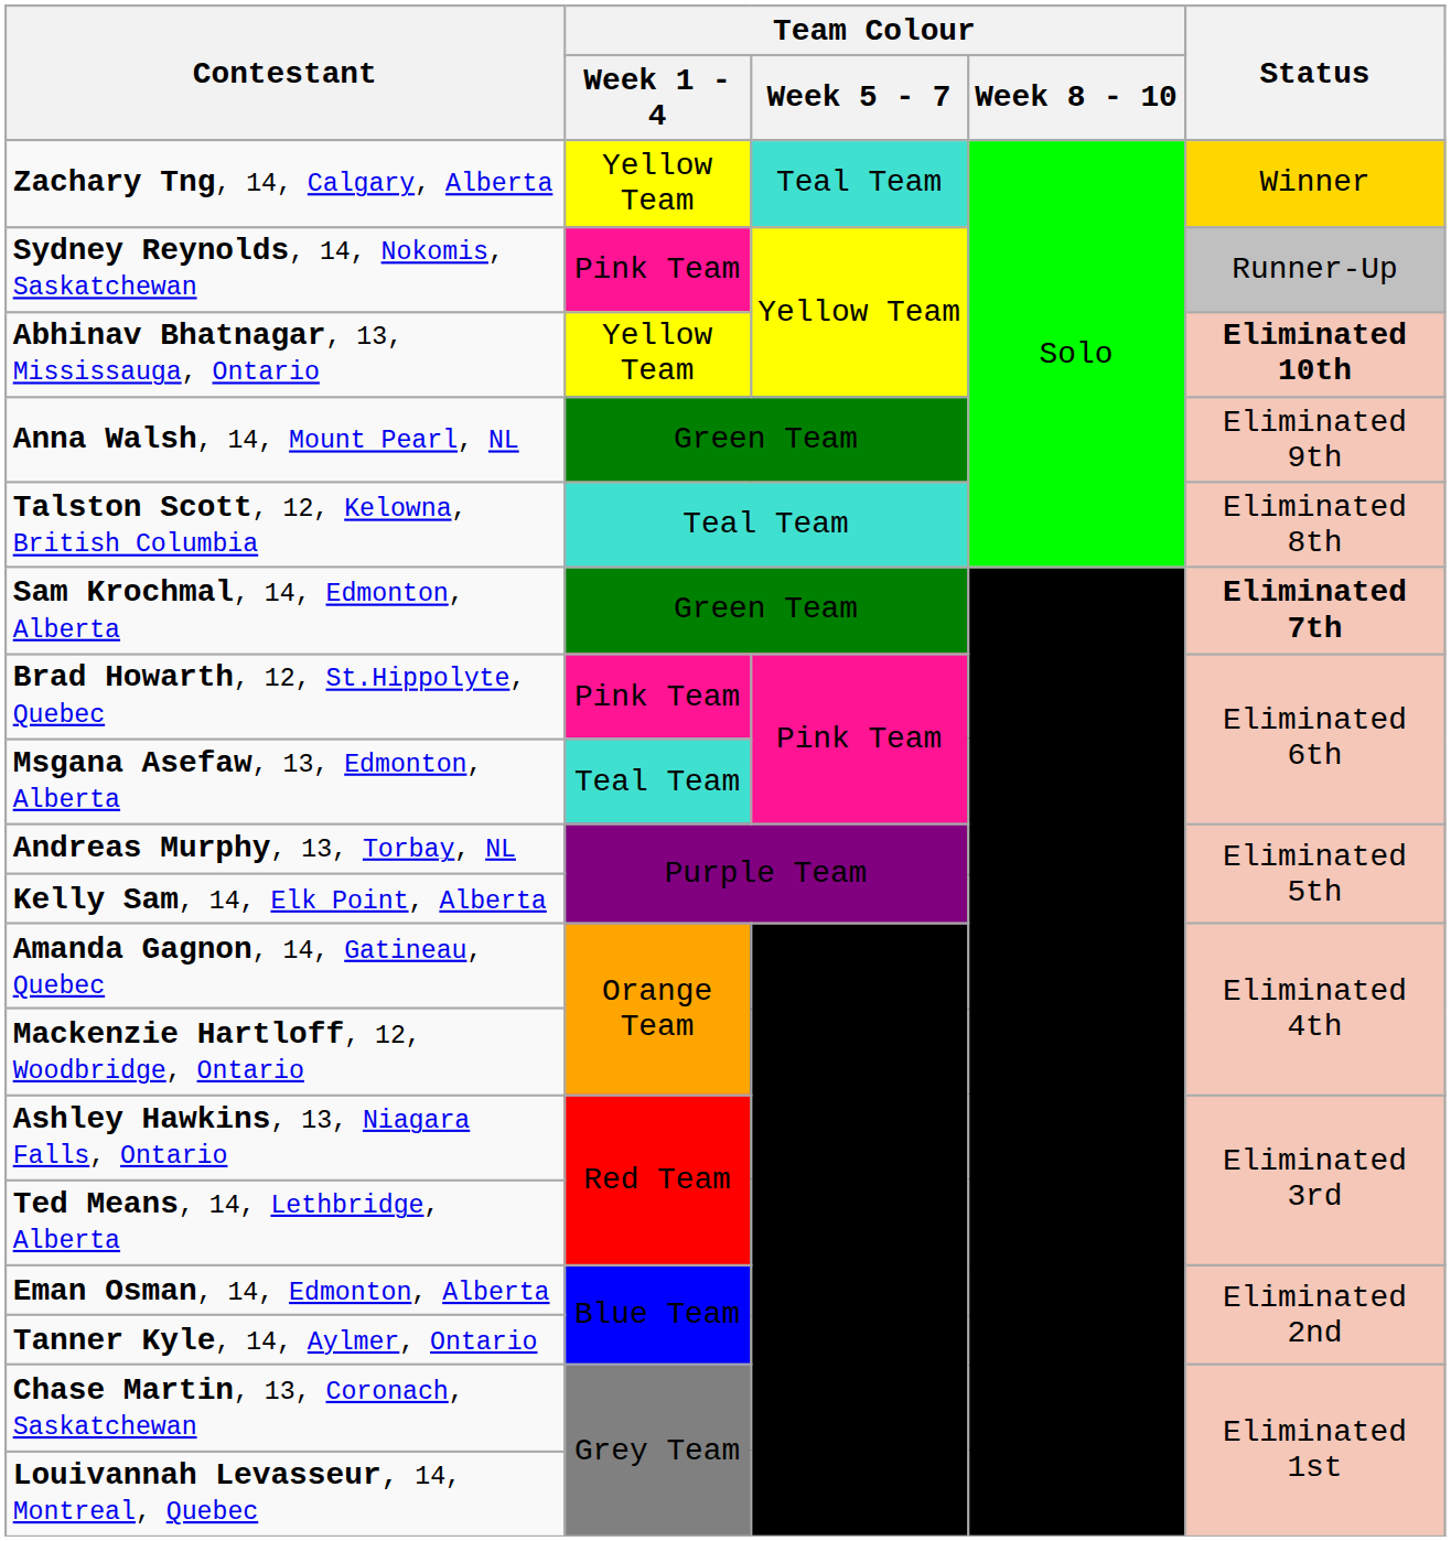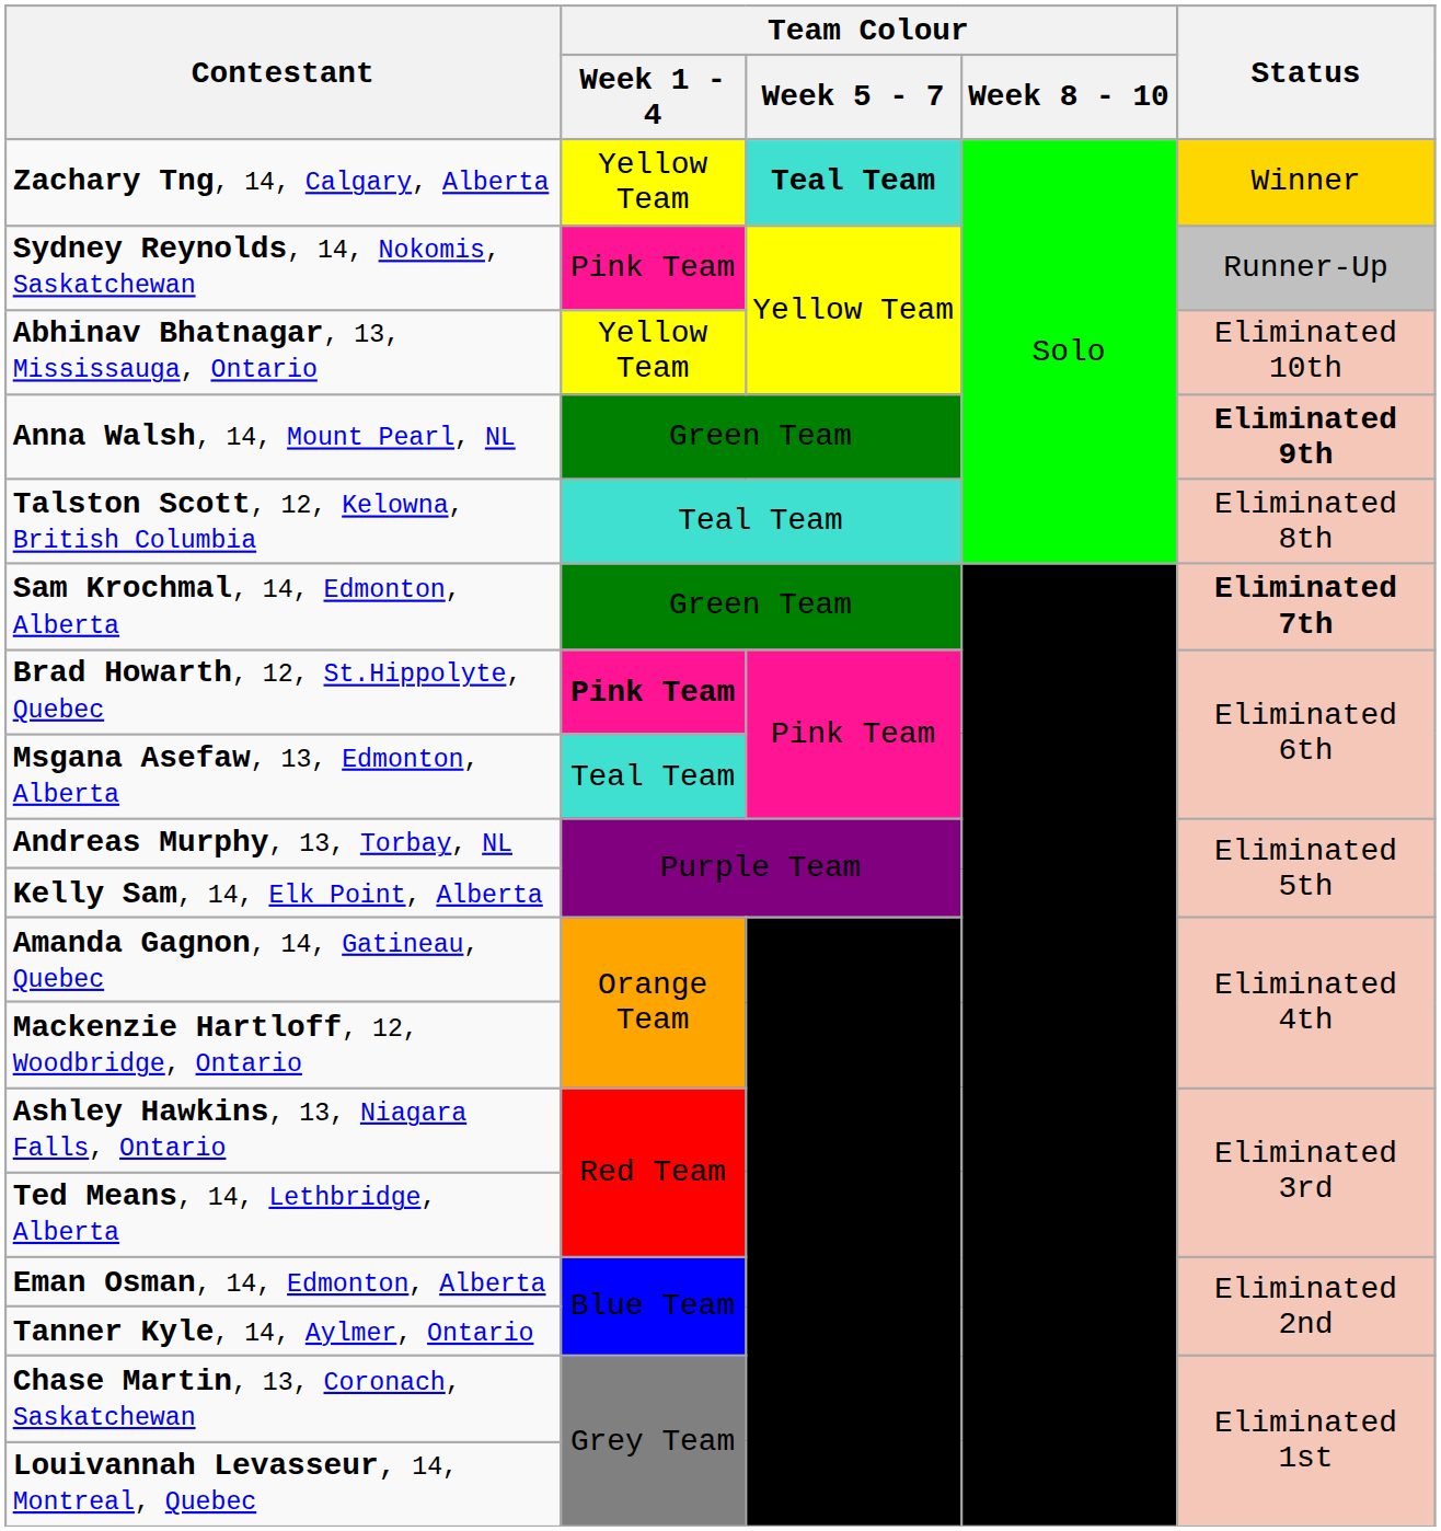 <table class="wikitable" align="center" style="text-align:center">
 <tr>
 <th rowspan=2>Contestant</th>
 <th colspan=3>Team Colour</th>
 <th rowspan=2>Status</th>
 </tr>
 <tr>
 <th>Week 1 - 4</th>
 <th>Week 5 - 7</th>
 <th>Week 8 - 10</th>
 </tr>
 <tr>
 <td align="left"><strong>Zachary Tng</strong><small>, 14, <a href='#'>Calgary</a>, <a href='#'>Alberta</a></small></td>
 <td bgcolor="yellow" rowspan=1><span>Yellow Team</span></td>
-<td bgcolor="turquoise" rowspan=1><span>Teal Team</span></td>
+<td bgcolor="turquoise" rowspan=1><strong><span>Teal Team</span></strong></td>
 <td bgcolor="lime" rowspan=5><span>Solo</span></td>
 <td bgcolor="gold">Winner<br></td>
 </tr>
 <tr>
 <td align="left"><strong>Sydney Reynolds</strong><small>, 14, <a href='#'>Nokomis</a>, <a href='#'>Saskatchewan</a></small></td>
 <td bgcolor="deeppink" rowspan=1><span>Pink Team</span></td>
 <td bgcolor="yellow" rowspan=2><span>Yellow Team</span></td>
 <td bgcolor="silver">Runner-Up <br></td>
 </tr>
 <tr>
 <td align="left"><strong>Abhinav Bhatnagar</strong><small>, 13, <a href='#'>Mississauga</a>, <a href='#'>Ontario</a></small></td>
 <td bgcolor="yellow" rowspan=1><span>Yellow Team</span></td>
-<td bgcolor="#F4C7B8" rowspan=1><strong>Eliminated 10th <br></strong></td>
+<td bgcolor="#F4C7B8" rowspan=1>Eliminated 10th <br></td>
 </tr>
 <tr>
 <td align="left"><strong>Anna Walsh</strong><small>, 14, <a href='#'>Mount Pearl</a>, <a href='#'>NL</a></small></td>
 <td colspan=2 bgcolor="green" rowspan=1><span>Green Team</span></td>
-<td bgcolor="#F4C7B8" rowspan=1>Eliminated 9th <br></td>
+<td bgcolor="#F4C7B8" rowspan=1><strong>Eliminated 9th <br></strong></td>
 </tr>
 <tr>
 <td align="left"><strong>Talston Scott</strong><small>, 12, <a href='#'>Kelowna</a>, <a href='#'>British Columbia</a></small></td>
 <td colspan=2 bgcolor="turquoise" rowspan=1><span>Teal Team</span></td>
 <td bgcolor="#F4C7B8" rowspan=1>Eliminated 8th <br></td>
 </tr>
 <tr>
 <td align="left"><strong>Sam Krochmal</strong><small>, 14, <a href='#'>Edmonton</a>, <a href='#'>Alberta</a></small></td>
 <td colspan=2 bgcolor="green" rowspan=1><span>Green Team</span></td>
 <td bgcolor="black" rowspan=13><span>Not In <br>Competition</span></td>
 <td bgcolor="#F4C7B8" rowspan=1><strong>Eliminated 7th <br></strong></td>
 </tr>
 <tr>
 <td align="left"><strong>Brad Howarth</strong><small>, 12, <a href='#'>St.Hippolyte</a>, <a href='#'>Quebec</a></small></td>
-<td bgcolor="deeppink" rowspan=1><span>Pink Team</span></td>
+<td bgcolor="deeppink" rowspan=1><strong><span>Pink Team</span></strong></td>
 <td bgcolor="deeppink" rowspan=2><span>Pink Team</span></td>
 <td bgcolor="#F4C7B8" rowspan=2>Eliminated 6th <br></td>
 </tr>
 <tr>
 <td align="left"><strong>Msgana Asefaw</strong><small>, 13, <a href='#'>Edmonton</a>, <a href='#'>Alberta</a></small></td>
 <td bgcolor="turquoise" rowspan=1><span>Teal Team</span></td>
 </tr>
 <tr>
 <td align="left"><strong>Andreas Murphy</strong><small>, 13, <a href='#'>Torbay</a>, <a href='#'>NL</a></small></td>
 <td colspan=2 bgcolor="purple" rowspan=2><span> Purple Team</span></td>
 <td bgcolor="#F4C7B8" rowspan=2>Eliminated 5th <br></td>
 </tr>
 <tr>
 <td align="left"><strong>Kelly Sam</strong><small>, 14, <a href='#'>Elk Point</a>, <a href='#'>Alberta</a></small></td>
 </tr>
 <tr>
 <td align="left"><strong>Amanda Gagnon</strong><small>, 14, <a href='#'>Gatineau</a>, <a href='#'>Quebec</a></small></td>
 <td bgcolor="orange" rowspan=2><span>Orange Team</span></td>
 <td bgcolor="black" rowspan=8><span>Not In <br>Competition</span></td>
 <td bgcolor="#F4C7B8" rowspan=2>Eliminated 4th <br></td>
 </tr>
 <tr>
 <td align="left"><strong>Mackenzie Hartloff</strong><small>, 12, <a href='#'>Woodbridge</a>, <a href='#'>Ontario</a></small></td>
 </tr>
 <tr>
 <td align="left"><strong>Ashley Hawkins</strong><small>, 13, <a href='#'>Niagara Falls</a>, <a href='#'>Ontario</a></small></td>
 <td bgcolor="red" rowspan=2><span>Red Team</span></td>
 <td bgcolor="#F4C7B8" rowspan=2>Eliminated 3rd <br></td>
 </tr>
 <tr>
 <td align="left"><strong>Ted Means</strong><small>, 14, <a href='#'>Lethbridge</a>, <a href='#'>Alberta</a></small></td>
 </tr>
 <tr>
 <td align="left"><strong>Eman Osman</strong><small>, 14, <a href='#'>Edmonton</a>, <a href='#'>Alberta</a></small></td>
 <td bgcolor="blue" rowspan=2><span>Blue Team</span></td>
 <td bgcolor="#F4C7B8" rowspan=2>Eliminated 2nd <br></td>
 </tr>
 <tr>
 <td align="left"><strong>Tanner Kyle</strong><small>, 14, <a href='#'>Aylmer</a>, <a href='#'>Ontario</a></small></td>
 </tr>
 <tr>
 <td align="left"><strong>Chase Martin</strong><small>, 13, <a href='#'>Coronach</a>, <a href='#'>Saskatchewan</a></small></td>
 <td bgcolor="gray" rowspan=2><span>Grey Team</span></td>
 <td bgcolor="#F4C7B8" rowspan=2>Eliminated 1st <br></td>
 </tr>
 <tr>
 <td align="left"><strong>Louivannah Levasseur</strong>,<small> 14, <a href='#'>Montreal</a>, <a href='#'>Quebec</a></small></td>
 </tr>
 </table>
